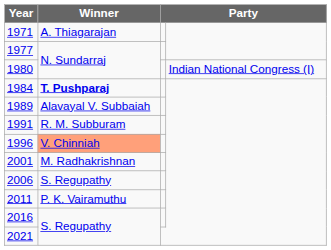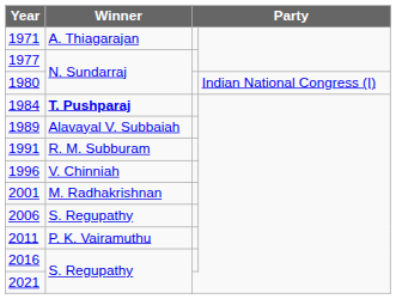 <table class="wikitable" width="50%">
 <tr>
 <th style="background-color:#666666; color:white">Year</th>
 <th style="background-color:#666666; color:white">Winner</th>
 <th style="background-color:#666666; color:white" colspan="2">Party</th>
 </tr>
 <tr>
 <td><a href='#'>1971</a></td>
 <td><a href='#'>A. Thiagarajan</a></td>
 <td></td>
 </tr>
 <tr>
 <td><a href='#'>1977</a></td>
 <td rowspan=2><a href='#'>N. Sundarraj</a></td>
 <td></td>
 </tr>
 <tr>
 <td><a href='#'>1980</a></td>
 <td></td>
 <td><a href='#'>Indian National Congress (I)</a></td>
 </tr>
 <tr>
 <td><a href='#'>1984</a></td>
 <td><strong><a href='#'>T. Pushparaj</a></strong></td>
 <td></td>
 </tr>
 <tr>
 <td><a href='#'>1989</a></td>
 <td><a href='#'>Alavayal V. Subbaiah</a></td>
 <td></td>
 </tr>
 <tr>
 <td><a href='#'>1991</a></td>
 <td><a href='#'>R. M. Subburam</a></td>
 <td></td>
 </tr>
 <tr>
 <td><a href='#'>1996</a></td>
-<td style="background: lightsalmon;"><a href='#'>V. Chinniah</a></td>
+<td><a href='#'>V. Chinniah</a></td>
 <td></td>
 </tr>
 <tr>
 <td><a href='#'>2001</a></td>
 <td><a href='#'>M. Radhakrishnan</a></td>
 <td></td>
 </tr>
 <tr>
 <td><a href='#'>2006</a></td>
 <td><a href='#'>S. Regupathy</a></td>
 <td></td>
 </tr>
 <tr>
 <td><a href='#'>2011</a></td>
 <td><a href='#'>P. K. Vairamuthu</a></td>
 <td></td>
 </tr>
 <tr>
 <td><a href='#'>2016</a></td>
 <td rowspan=2><a href='#'>S. Regupathy</a></td>
 <td></td>
 </tr>
 <tr>
 <td><a href='#'>2021</a></td>
 </tr>
 </table>
